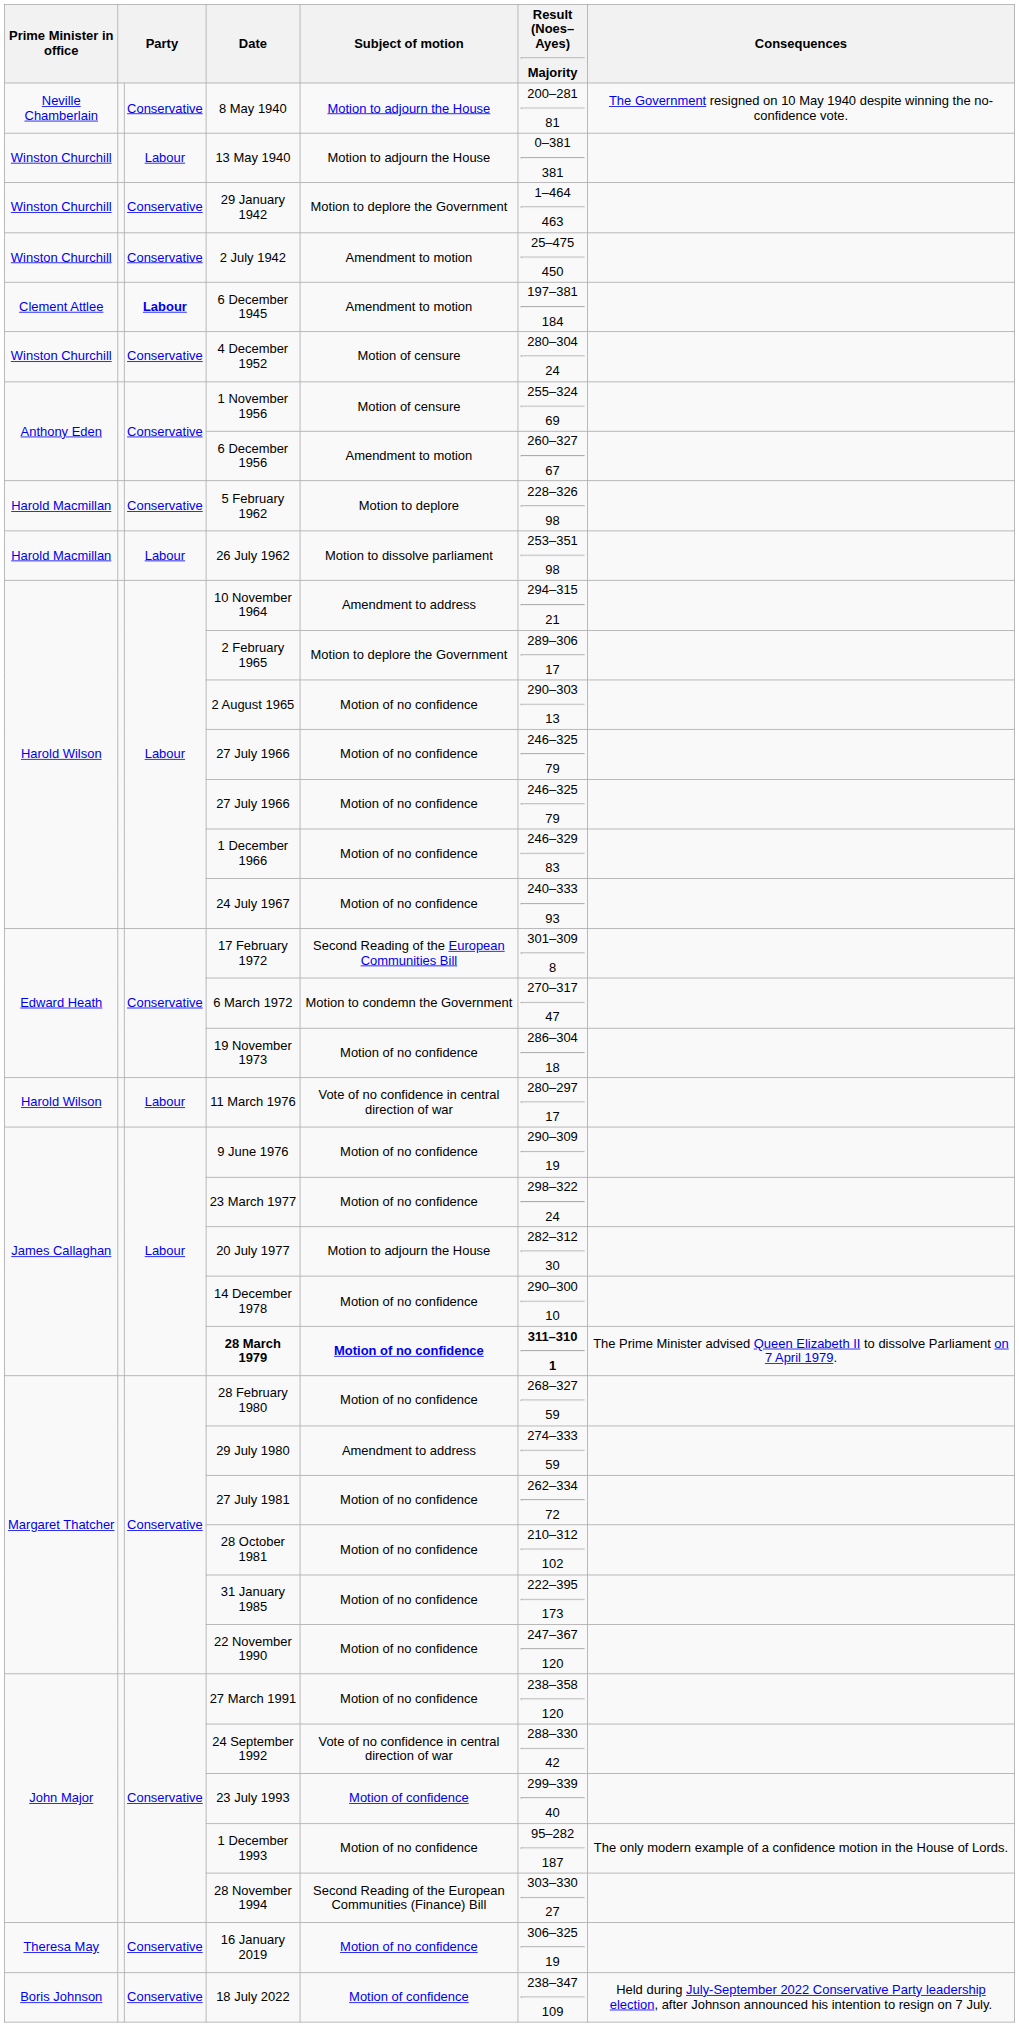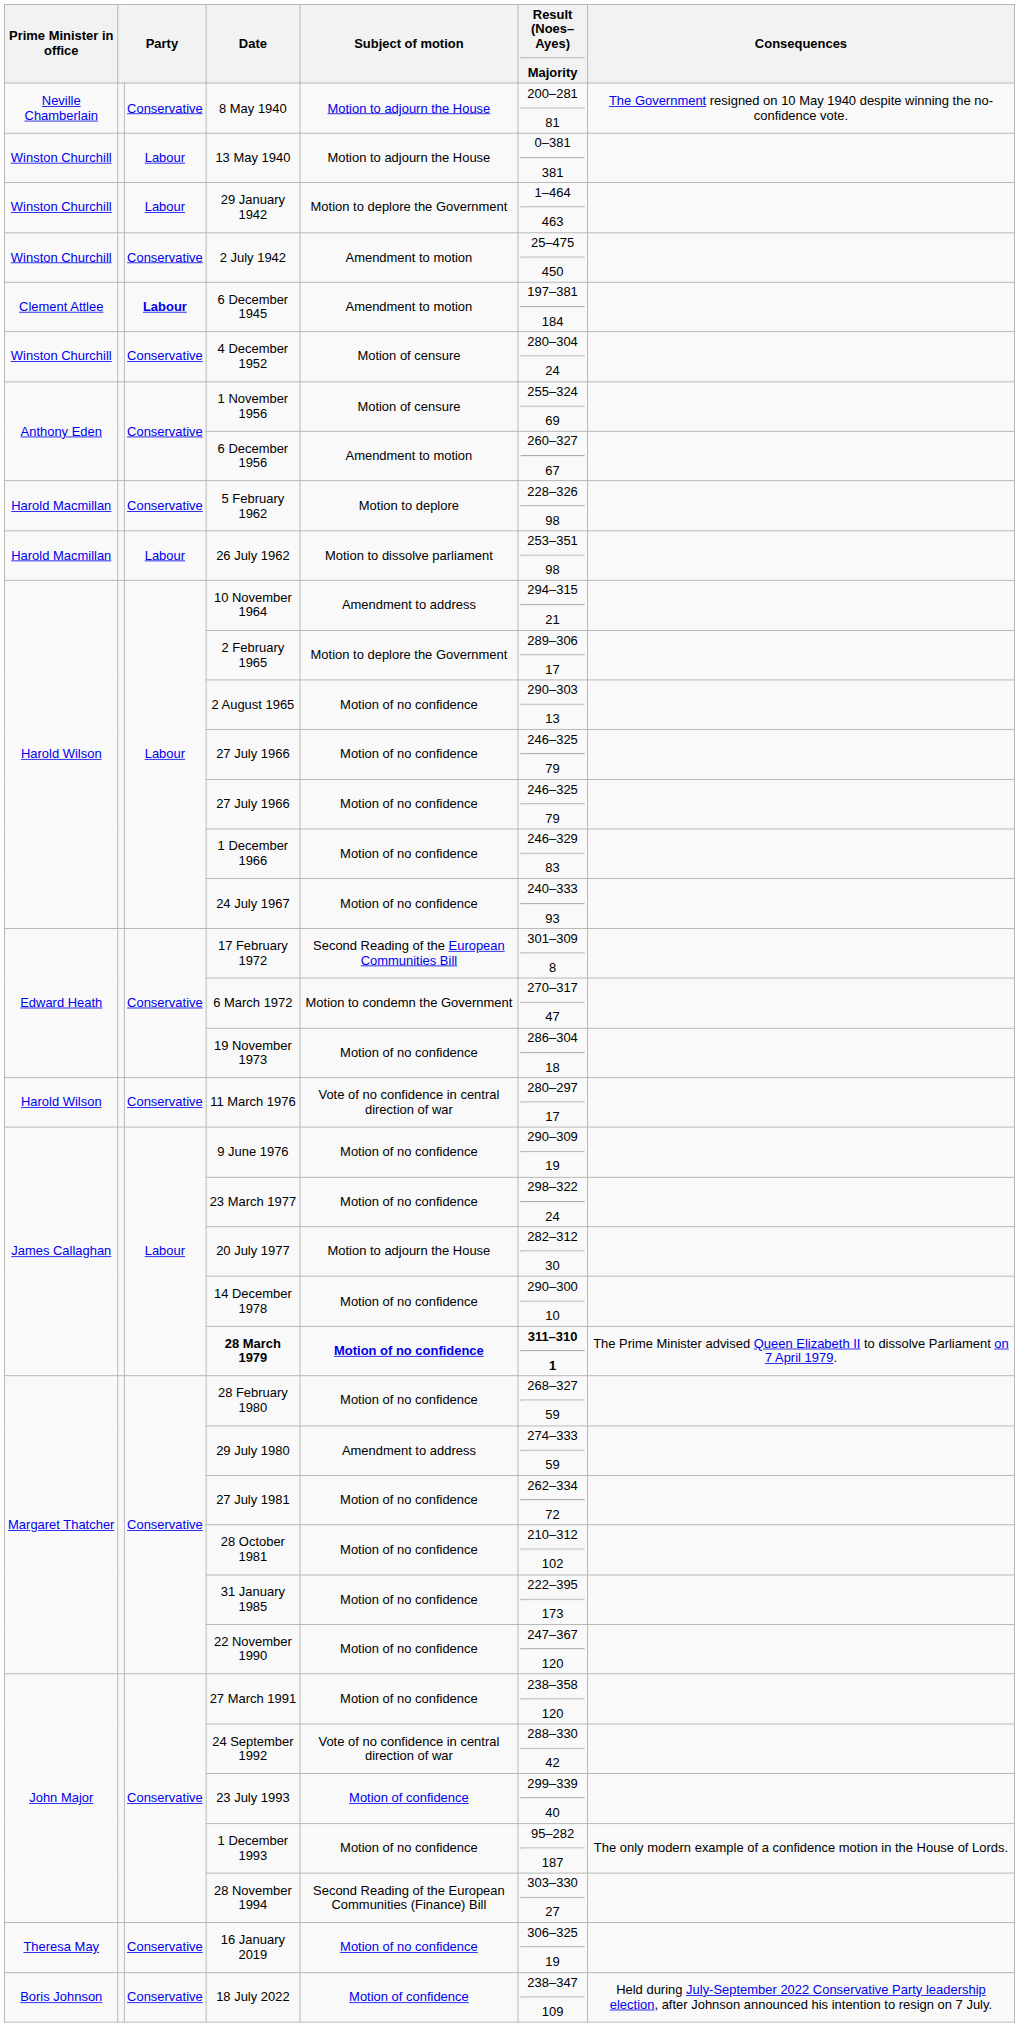 <table class="wikitable sortable" style="text-align:center">
 <tr>
 <th>Prime Minister in office</th>
 <th colspan=2>Party</th>
 <th>Date</th>
 <th>Subject of motion</th>
 <th data-sort-type=number>Result <br>(Noes–Ayes)<hr>Majority</th>
 <th>Consequences</th>
 </tr>
 <tr>
 <td><a href='#'>Neville Chamberlain</a></td>
 <td style="background-color: "></td>
 <td><a href='#'>Conservative</a></td>
 <td>8 May 1940</td>
 <td><a href='#'>Motion to adjourn the House</a></td>
 <td data-sort-value=-81>200–281<hr>81</td>
 <td><a href='#'>The Government</a> resigned on 10 May 1940 despite winning the no-confidence vote.</td>
 </tr>
 <tr>
 <td><a href='#'>Winston Churchill</a></td>
 <td style="background-color: "></td>
 <td><a href='#'>Labour</a></td>
 <td>13 May 1940</td>
 <td>Motion to adjourn the House</td>
 <td data-sort-value=-381>0–381<hr>381</td>
 <td></td>
 </tr>
 <tr>
 <td><a href='#'>Winston Churchill</a></td>
 <td style="background-color: "></td>
-<td><a href='#'>Conservative</a></td>
+<td><a href='#'>Labour</a></td>
 <td>29 January 1942</td>
 <td>Motion to deplore the Government</td>
 <td data-sort-value=-463>1–464<hr>463</td>
 <td></td>
 </tr>
 <tr>
 <td><a href='#'>Winston Churchill</a></td>
 <td style="background-color: "></td>
 <td><a href='#'>Conservative</a></td>
 <td>2 July 1942</td>
 <td>Amendment to motion</td>
 <td data-sort-value=-450>25–475<hr>450</td>
 <td></td>
 </tr>
 <tr>
 <td><a href='#'>Clement Attlee</a></td>
 <td style="background-color: "></td>
 <td><strong><a href='#'>Labour</a></strong></td>
 <td>6 December 1945</td>
 <td>Amendment to motion</td>
 <td data-sort-value=-184>197–381<hr>184</td>
 <td></td>
 </tr>
 <tr>
 <td><a href='#'>Winston Churchill</a></td>
 <td style="background-color: "></td>
 <td><a href='#'>Conservative</a></td>
 <td>4 December 1952</td>
 <td>Motion of censure</td>
 <td data-sort-value=-24>280–304<hr>24</td>
 <td></td>
 </tr>
 <tr>
 <td rowspan=2><a href='#'>Anthony Eden</a></td>
 <td rowspan=2 style="background-color: "></td>
 <td rowspan=2><a href='#'>Conservative</a></td>
 <td>1 November 1956</td>
 <td>Motion of censure</td>
 <td data-sort-value=-69>255–324<hr>69</td>
 <td></td>
 </tr>
 <tr>
 <td>6 December 1956</td>
 <td>Amendment to motion</td>
 <td data-sort-value=-67>260–327<hr>67</td>
 <td></td>
 </tr>
 <tr>
 <td><a href='#'>Harold Macmillan</a></td>
 <td style="background-color: "></td>
 <td><a href='#'>Conservative</a></td>
 <td>5 February 1962</td>
 <td>Motion to deplore</td>
 <td data-sort-value=-98>228–326<hr>98</td>
 <td></td>
 </tr>
 <tr>
 <td><a href='#'>Harold Macmillan</a></td>
 <td style="background-color: "></td>
 <td><a href='#'>Labour</a></td>
 <td>26 July 1962</td>
 <td>Motion to dissolve parliament</td>
 <td data-sort-value=-98>253–351<hr>98</td>
 <td></td>
 </tr>
 <tr>
 <td rowspan=7><a href='#'>Harold Wilson</a></td>
 <td rowspan=7 style="background-color: "></td>
 <td rowspan=7><a href='#'>Labour</a></td>
 <td>10 November 1964</td>
 <td>Amendment to address</td>
 <td data-sort-value=-21>294–315<hr>21</td>
 <td></td>
 </tr>
 <tr>
 <td>2 February 1965</td>
 <td>Motion to deplore the Government</td>
 <td data-sort-value=-17>289–306<hr>17</td>
 <td></td>
 </tr>
 <tr>
 <td>2 August 1965</td>
 <td>Motion of no confidence</td>
 <td data-sort-value=-13>290–303<hr>13</td>
 <td></td>
 </tr>
 <tr>
 <td>27 July 1966</td>
 <td>Motion of no confidence</td>
 <td data-sort-value=-79>246–325<hr>79</td>
 <td></td>
 </tr>
 <tr>
 <td>27 July 1966</td>
 <td>Motion of no confidence</td>
 <td data-sort-value=-79>246–325<hr>79</td>
 <td></td>
 </tr>
 <tr>
 <td>1 December 1966</td>
 <td>Motion of no confidence</td>
 <td data-sort-value=-83>246–329<hr>83</td>
 <td></td>
 </tr>
 <tr>
 <td>24 July 1967</td>
 <td>Motion of no confidence</td>
 <td data-sort-value=-93>240–333<hr>93</td>
 <td></td>
 </tr>
 <tr>
 <td rowspan=3><a href='#'>Edward Heath</a></td>
 <td rowspan=3 style="background-color: "></td>
 <td rowspan=3><a href='#'>Conservative</a></td>
 <td>17 February 1972</td>
 <td>Second Reading of the <a href='#'>European Communities Bill</a></td>
 <td data-sort-value=-8>301–309<hr>8</td>
 <td></td>
 </tr>
 <tr>
 <td>6 March 1972</td>
 <td>Motion to condemn the Government</td>
 <td data-sort-value=-47>270–317<hr>47</td>
 <td></td>
 </tr>
 <tr>
 <td>19 November 1973</td>
 <td>Motion of no confidence</td>
 <td data-sort-value=-18>286–304<hr>18</td>
 <td></td>
 </tr>
 <tr>
 <td><a href='#'>Harold Wilson</a></td>
 <td style="background-color: "></td>
-<td><a href='#'>Labour</a></td>
+<td><a href='#'>Conservative</a></td>
 <td>11 March 1976</td>
 <td>Vote of no confidence in central direction of war</td>
 <td data-sort-value=-17>280–297<hr>17</td>
 <td></td>
 </tr>
 <tr>
 <td rowspan=5><a href='#'>James Callaghan</a></td>
 <td rowspan=5 style="background-color: "></td>
 <td rowspan=5><a href='#'>Labour</a></td>
 <td>9 June 1976</td>
 <td>Motion of no confidence</td>
 <td data-sort-value=-19>290–309<hr>19</td>
 <td></td>
 </tr>
 <tr>
 <td>23 March 1977</td>
 <td>Motion of no confidence</td>
 <td data-sort-value=-24>298–322<hr>24</td>
 <td></td>
 </tr>
 <tr>
 <td>20 July 1977</td>
 <td>Motion to adjourn the House</td>
 <td data-sort-value=-30>282–312<hr>30</td>
 <td></td>
 </tr>
 <tr>
 <td>14 December 1978</td>
 <td>Motion of no confidence</td>
 <td data-sort-value=-10>290–300<hr>10</td>
 <td></td>
 </tr>
 <tr>
 <td><strong>28 March 1979</strong></td>
 <td><strong><a href='#'>Motion of no confidence</a></strong></td>
 <td data-sort-value=1><strong>311–310<hr>1</strong></td>
 <td>The Prime Minister advised <a href='#'>Queen Elizabeth II</a> to dissolve Parliament <a href='#'>on 7 April 1979</a>.</td>
 </tr>
 <tr>
 <td rowspan=6><a href='#'>Margaret Thatcher</a></td>
 <td rowspan=6 style="background-color: "></td>
 <td rowspan=6><a href='#'>Conservative</a></td>
 <td>28 February 1980</td>
 <td>Motion of no confidence</td>
 <td data-sort-value=-59>268–327<hr>59</td>
 <td></td>
 </tr>
 <tr>
 <td>29 July 1980</td>
 <td>Amendment to address</td>
 <td data-sort-value=-59>274–333<hr>59</td>
 <td></td>
 </tr>
 <tr>
 <td>27 July 1981</td>
 <td>Motion of no confidence</td>
 <td data-sort-value=-72>262–334<hr>72</td>
 <td></td>
 </tr>
 <tr>
 <td>28 October 1981</td>
 <td>Motion of no confidence</td>
 <td data-sort-value=-102>210–312<hr>102</td>
 <td></td>
 </tr>
 <tr>
 <td>31 January 1985</td>
 <td>Motion of no confidence</td>
 <td data-sort-value=-173>222–395<hr>173</td>
 <td></td>
 </tr>
 <tr>
 <td>22 November 1990</td>
 <td>Motion of no confidence</td>
 <td data-sort-value=-120>247–367<hr>120</td>
 <td></td>
 </tr>
 <tr>
 <td rowspan=5><a href='#'>John Major</a></td>
 <td rowspan=5 style="background-color: "></td>
 <td rowspan=5><a href='#'>Conservative</a></td>
 <td>27 March 1991</td>
 <td>Motion of no confidence</td>
 <td data-sort-value=-120>238–358<hr>120</td>
 <td></td>
 </tr>
 <tr>
 <td>24 September 1992</td>
 <td>Vote of no confidence in central direction of war</td>
 <td data-sort-value=-42>288–330<hr>42</td>
 <td></td>
 </tr>
 <tr>
 <td>23 July 1993</td>
 <td><a href='#'>Motion of confidence</a></td>
 <td data-sort-value=-40>299–339<hr>40</td>
 <td></td>
 </tr>
 <tr>
 <td>1 December 1993</td>
 <td>Motion of no confidence</td>
 <td data-sort-value=-187>95–282<hr>187</td>
 <td>The only modern example of a confidence motion in the House of Lords.</td>
 </tr>
 <tr>
 <td>28 November 1994</td>
 <td>Second Reading of the European Communities (Finance) Bill</td>
 <td data-sort-value=-27>303–330<hr>27</td>
 <td></td>
 </tr>
 <tr>
 <td><a href='#'>Theresa May</a></td>
 <td style="background-color: "></td>
 <td><a href='#'>Conservative</a></td>
 <td>16 January 2019</td>
 <td><a href='#'>Motion of no confidence</a></td>
 <td data-sort-value=-19>306–325<hr>19</td>
 <td></td>
 </tr>
 <tr>
 <td><a href='#'>Boris Johnson</a></td>
 <td style="background-color: "></td>
 <td><a href='#'>Conservative</a></td>
 <td>18 July 2022</td>
 <td><a href='#'>Motion of confidence</a></td>
 <td data-sort-value=-109>238–347<hr>109</td>
 <td>Held during <a href='#'>July-September 2022 Conservative Party leadership election</a>, after Johnson announced his intention to resign on 7 July.</td>
 </tr>
 </table>
